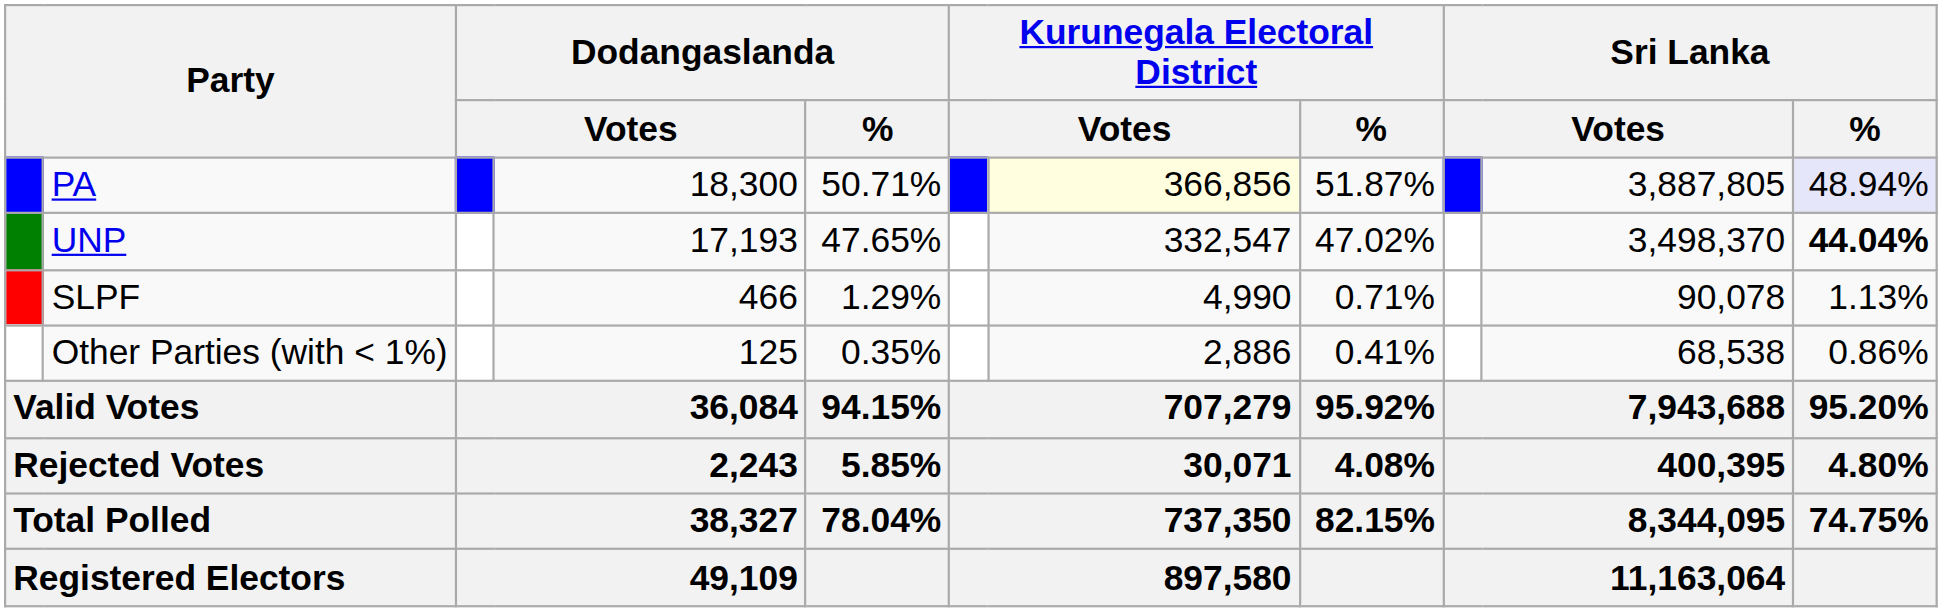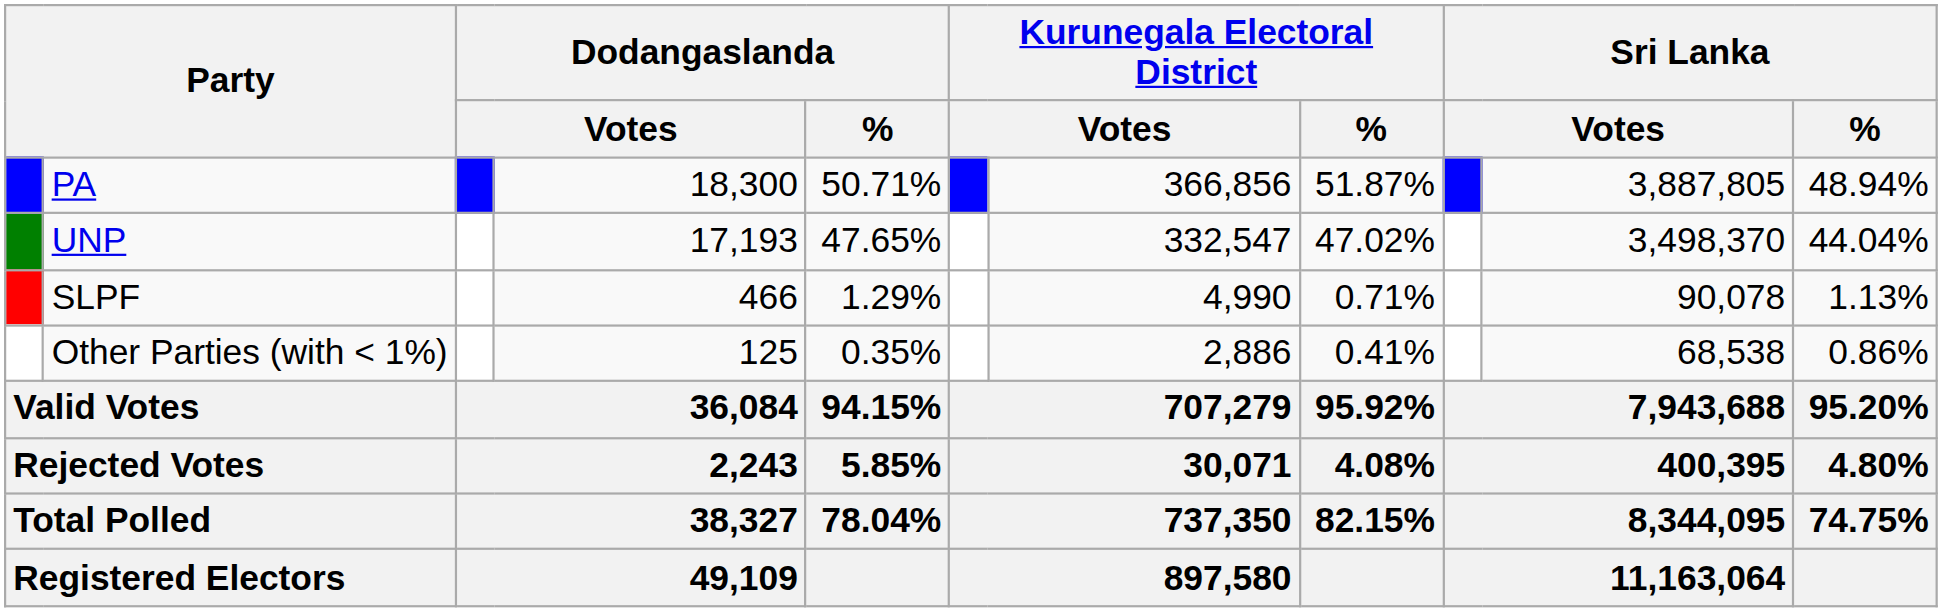 <table class="wikitable">
 <tr>
 <th colspan="2" width="144px"rowspan="2">Party</th>
 <th colspan="3" width="216px">Dodangaslanda</th>
 <th colspan="3" width="216px"><a href='#'>Kurunegala Electoral District</a></th>
 <th colspan="3" width="216px">Sri Lanka</th>
 </tr>
 <tr>
 <th colspan="2" width="144px">Votes</th>
 <th>%</th>
 <th colspan="2" width="144px">Votes</th>
 <th>%</th>
 <th colspan="2" width="144px">Votes</th>
 <th>%</th>
 </tr>
 <tr>
 <td style="background-color:blue;" width="10px"></td>
 <td style="text-align:left;"><a href='#'>PA</a></td>
 <td style="background-color:blue;" width="10px"></td>
 <td style="text-align:right;">18,300</td>
 <td style="text-align:right;">50.71%</td>
 <td style="background-color:blue;" width="10px"></td>
-<td style="background: lightyellow; text-align:right;">366,856</td>
+<td style="text-align:right;">366,856</td>
 <td style="text-align:right;">51.87%</td>
 <td style="background-color:blue;" width="10px"></td>
 <td style="text-align:right;">3,887,805</td>
-<td style="background: lavender; text-align:right;">48.94%</td>
+<td style="text-align:right;">48.94%</td>
 </tr>
 <tr>
 <td style="background-color:green;" width="10px"></td>
 <td style="text-align:left;"><a href='#'>UNP</a></td>
 <td style="background-color:white;" width="10px"></td>
 <td style="text-align:right;">17,193</td>
 <td style="text-align:right;">47.65%</td>
 <td style="background-color:white;" width="10px"></td>
 <td style="text-align:right;">332,547</td>
 <td style="text-align:right;">47.02%</td>
 <td style="background-color:white;" width="10px"></td>
 <td style="text-align:right;">3,498,370</td>
-<td style="text-align:right;"><strong>44.04%</strong></td>
+<td style="text-align:right;">44.04%</td>
 </tr>
 <tr>
 <td style="background-color:red;" width="10px"></td>
 <td style="text-align:left;">SLPF</td>
 <td style="background-color:white;" width="10px"></td>
 <td style="text-align:right;">466</td>
 <td style="text-align:right;">1.29%</td>
 <td style="background-color:white;" width="10px"></td>
 <td style="text-align:right;">4,990</td>
 <td style="text-align:right;">0.71%</td>
 <td style="background-color:white;" width="10px"></td>
 <td style="text-align:right;">90,078</td>
 <td style="text-align:right;">1.13%</td>
 </tr>
 <tr>
 <td style="background-color:white;" width="10px"></td>
 <td style="text-align:left;">Other Parties (with < 1%)</td>
 <td style="background-color:white;" width="10px"></td>
 <td style="text-align:right;">125</td>
 <td style="text-align:right;">0.35%</td>
 <td style="background-color:white;" width="10px"></td>
 <td style="text-align:right;">2,886</td>
 <td style="text-align:right;">0.41%</td>
 <td style="background-color:white;" width="10px"></td>
 <td style="text-align:right;">68,538</td>
 <td style="text-align:right;">0.86%</td>
 </tr>
 <tr>
 <th colspan="2" width="144px"style="text-align:left;">Valid Votes</th>
 <th style="text-align:right;"colspan="2" width="144px">36,084</th>
 <th style="text-align:right;">94.15%</th>
 <th style="text-align:right;"colspan="2" width="144px">707,279</th>
 <th style="text-align:right;">95.92%</th>
 <th style="text-align:right;"colspan="2" width="144px">7,943,688</th>
 <th style="text-align:right;">95.20%</th>
 </tr>
 <tr>
 <th colspan="2" width="144px"style="text-align:left;">Rejected Votes</th>
 <th style="text-align:right;"colspan="2" width="144px">2,243</th>
 <th style="text-align:right;">5.85%</th>
 <th style="text-align:right;"colspan="2" width="144px">30,071</th>
 <th style="text-align:right;">4.08%</th>
 <th style="text-align:right;"colspan="2" width="144px">400,395</th>
 <th style="text-align:right;">4.80%</th>
 </tr>
 <tr>
 <th colspan="2" width="144px"style="text-align:left;">Total Polled</th>
 <th style="text-align:right;"colspan="2" width="144px">38,327</th>
 <th style="text-align:right;">78.04%</th>
 <th style="text-align:right;"colspan="2" width="144px">737,350</th>
 <th style="text-align:right;">82.15%</th>
 <th style="text-align:right;"colspan="2" width="144px">8,344,095</th>
 <th style="text-align:right;">74.75%</th>
 </tr>
 <tr>
 <th colspan="2" width="144px"style="text-align:left;">Registered Electors</th>
 <th style="text-align:right;"colspan="2" width="144px">49,109</th>
 <th></th>
 <th style="text-align:right;"colspan="2" width="144px">897,580</th>
 <th></th>
 <th style="text-align:right;"colspan="2" width="144px">11,163,064</th>
 <th></th>
 </tr>
 </table>
